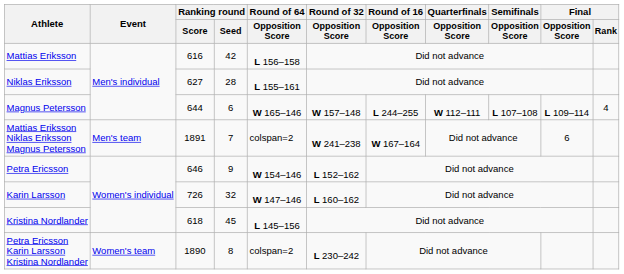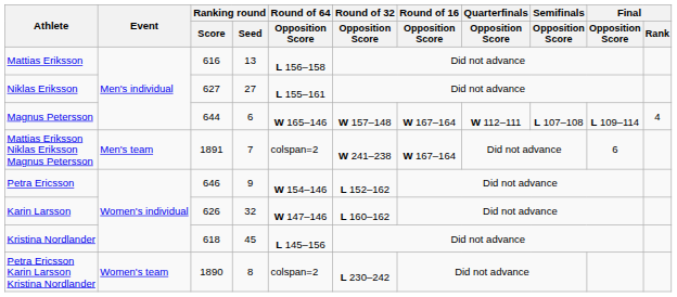 <table class="wikitable" style="font-size:90%">
 <tr>
 <th rowspan="2">Athlete</th>
 <th rowspan="2">Event</th>
 <th colspan="2">Ranking round</th>
 <th>Round of 64</th>
 <th>Round of 32</th>
 <th>Round of 16</th>
 <th>Quarterfinals</th>
 <th>Semifinals</th>
 <th colspan="2">Final</th>
 </tr>
 <tr style="font-size:95%">
 <th>Score</th>
 <th>Seed</th>
 <th>Opposition<br>Score</th>
 <th>Opposition<br>Score</th>
 <th>Opposition<br>Score</th>
 <th>Opposition<br>Score</th>
 <th>Opposition<br>Score</th>
 <th>Opposition<br>Score</th>
 <th>Rank</th>
 </tr>
 <tr>
 <td><a href='#'>Mattias Eriksson</a></td>
 <td rowspan=3><a href='#'>Men's individual</a></td>
 <td align=center>616</td>
-<td align=center>42</td>
+<td align=center>13</td>
 <td align=center><br><strong>L</strong> 156–158</td>
 <td align=center colspan=5>Did not advance</td>
 <td align=center></td>
 </tr>
 <tr>
 <td><a href='#'>Niklas Eriksson</a></td>
 <td align=center>627</td>
-<td align=center>28</td>
+<td align=center>27</td>
 <td align=center><br><strong>L</strong> 155–161</td>
 <td align=center colspan=5>Did not advance</td>
 <td align=center></td>
 </tr>
 <tr>
 <td><a href='#'>Magnus Petersson</a></td>
 <td align=center>644</td>
 <td align=center>6</td>
 <td align=center><br><strong>W</strong> 165–146</td>
 <td align=center><br><strong>W</strong> 157–148</td>
-<td align=center><br><strong>L</strong> 244–255</td>
+<td align=center><br><strong>W</strong> 167–164</td>
 <td align=center><br><strong>W</strong> 112–111</td>
 <td align=center><br><strong>L</strong> 107–108</td>
 <td align=center><br><strong>L</strong> 109–114</td>
 <td align=center>4</td>
 </tr>
 <tr>
 <td><a href='#'>Mattias Eriksson</a><br><a href='#'>Niklas Eriksson</a><br><a href='#'>Magnus Petersson</a></td>
 <td><a href='#'>Men's team</a></td>
 <td align=center>1891</td>
 <td align=center>7</td>
 <td>colspan=2 </td>
 <td align=center><br><strong>W</strong> 241–238</td>
 <td align=center><br><strong>W</strong> 167–164</td>
 <td align=center colspan=2>Did not advance</td>
 <td align=center>6</td>
 </tr>
 <tr>
 <td><a href='#'>Petra Ericsson</a></td>
 <td rowspan=3><a href='#'>Women's individual</a></td>
 <td align=center>646</td>
 <td align=center>9</td>
 <td align=center><br><strong>W</strong> 154–146</td>
 <td align=center><br><strong>L</strong> 152–162</td>
 <td align=center colspan=4>Did not advance</td>
 <td align=center></td>
 </tr>
 <tr>
 <td><a href='#'>Karin Larsson</a></td>
-<td align=center>726</td>
+<td align=center>626</td>
 <td align=center>32</td>
 <td align=center><br><strong>W</strong> 147–146</td>
 <td align=center><br><strong>L</strong> 160–162</td>
 <td align=center colspan=4>Did not advance</td>
 <td align=center></td>
 </tr>
 <tr>
 <td><a href='#'>Kristina Nordlander</a></td>
 <td align=center>618</td>
 <td align=center>45</td>
 <td align=center><br><strong>L</strong> 145–156</td>
 <td align=center colspan=5>Did not advance</td>
 <td align=center></td>
 </tr>
 <tr>
 <td><a href='#'>Petra Ericsson</a><br><a href='#'>Karin Larsson</a><br><a href='#'>Kristina Nordlander</a></td>
 <td><a href='#'>Women's team</a></td>
 <td align=center>1890</td>
 <td align=center>8</td>
 <td>colspan=2 </td>
 <td align=center><br><strong>L</strong> 230–242</td>
 <td align=center colspan=3>Did not advance</td>
 <td align=center></td>
 </tr>
 </table>
